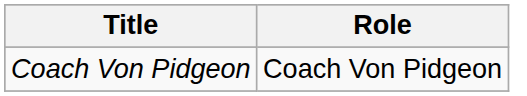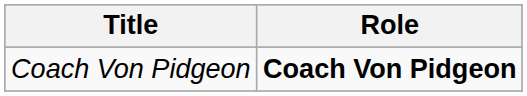 <table class="wikitable sortable">
 <tr>
 <th>Title</th>
 <th>Role</th>
 </tr>
 <tr>
 <td><em>Coach Von Pidgeon</em></td>
-<td>Coach Von Pidgeon</td>
+<td><strong>Coach Von Pidgeon</strong></td>
 </tr>
 </table>
